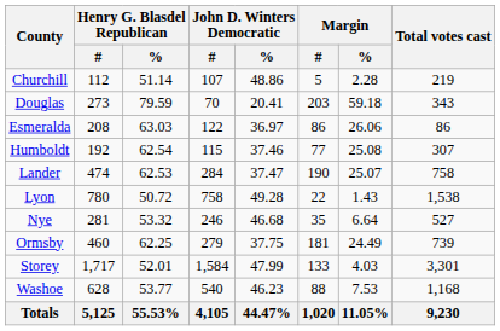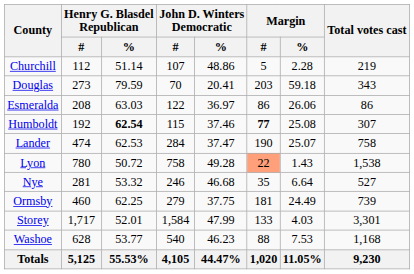 <table class="wikitable sortable" style="text-align:center">
 <tr>
 <th rowspan="2">County</th>
 <th style="text-align:center;" colspan="2">Henry G. Blasdel<br>Republican</th>
 <th style="text-align:center;" colspan="2">John D. Winters<br>Democratic</th>
 <th style="text-align:center;" colspan="2">Margin</th>
 <th style="text-align:center;" rowspan="2">Total votes cast</th>
 </tr>
 <tr>
 <th style="text-align:center;" data-sort-type="number">#</th>
 <th style="text-align:center;" data-sort-type="number">%</th>
 <th style="text-align:center;" data-sort-type="number">#</th>
 <th style="text-align:center;" data-sort-type="number">%</th>
 <th style="text-align:center;" data-sort-type="number">#</th>
 <th style="text-align:center;" data-sort-type="number">%</th>
 </tr>
 <tr style="text-align:center;">
 <td><a href='#'>Churchill</a></td>
 <td>112</td>
 <td>51.14</td>
 <td>107</td>
 <td>48.86</td>
 <td>5</td>
 <td>2.28</td>
 <td>219</td>
 </tr>
 <tr style="text-align:center;">
 <td><a href='#'>Douglas</a></td>
 <td>273</td>
 <td>79.59</td>
 <td>70</td>
 <td>20.41</td>
 <td>203</td>
 <td>59.18</td>
 <td>343</td>
 </tr>
 <tr style="text-align:center;">
 <td><a href='#'>Esmeralda</a></td>
 <td>208</td>
 <td>63.03</td>
 <td>122</td>
 <td>36.97</td>
 <td>86</td>
 <td>26.06</td>
 <td>86</td>
 </tr>
 <tr style="text-align:center;">
 <td><a href='#'>Humboldt</a></td>
 <td>192</td>
-<td>62.54</td>
+<td><strong>62.54</strong></td>
 <td>115</td>
 <td>37.46</td>
-<td>77</td>
+<td><strong>77</strong></td>
 <td>25.08</td>
 <td>307</td>
 </tr>
 <tr style="text-align:center;">
 <td><a href='#'>Lander</a></td>
 <td>474</td>
 <td>62.53</td>
 <td>284</td>
 <td>37.47</td>
 <td>190</td>
 <td>25.07</td>
 <td>758</td>
 </tr>
 <tr style="text-align:center;">
 <td><a href='#'>Lyon</a></td>
 <td>780</td>
 <td>50.72</td>
 <td>758</td>
 <td>49.28</td>
-<td>22</td>
+<td style="background: lightsalmon;">22</td>
 <td>1.43</td>
 <td>1,538</td>
 </tr>
 <tr style="text-align:center;">
 <td><a href='#'>Nye</a></td>
 <td>281</td>
 <td>53.32</td>
 <td>246</td>
 <td>46.68</td>
 <td>35</td>
 <td>6.64</td>
 <td>527</td>
 </tr>
 <tr style="text-align:center;">
 <td><a href='#'>Ormsby</a></td>
 <td>460</td>
 <td>62.25</td>
 <td>279</td>
 <td>37.75</td>
 <td>181</td>
 <td>24.49</td>
 <td>739</td>
 </tr>
 <tr style="text-align:center;">
 <td><a href='#'>Storey</a></td>
 <td>1,717</td>
 <td>52.01</td>
 <td>1,584</td>
 <td>47.99</td>
 <td>133</td>
 <td>4.03</td>
 <td>3,301</td>
 </tr>
 <tr style="text-align:center;">
 <td><a href='#'>Washoe</a></td>
 <td>628</td>
 <td>53.77</td>
 <td>540</td>
 <td>46.23</td>
 <td>88</td>
 <td>7.53</td>
 <td>1,168</td>
 </tr>
 <tr style="text-align:center;">
 <th>Totals</th>
 <th>5,125</th>
 <th>55.53%</th>
 <th>4,105</th>
 <th>44.47%</th>
 <th>1,020</th>
 <th>11.05%</th>
 <th>9,230</th>
 </tr>
 </table>
